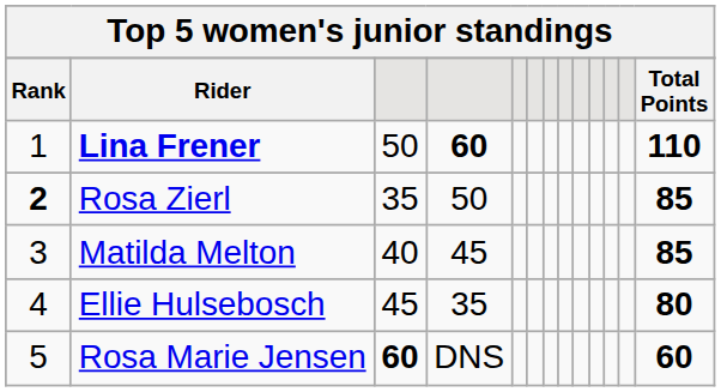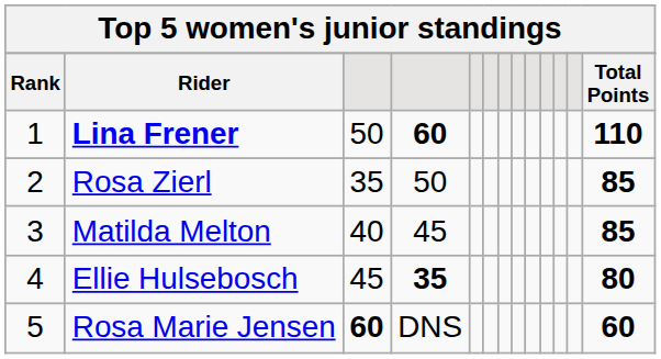 <table class="wikitable sortable">
 <tr>
 <th colspan=27 align="center"><strong>Top 5 women's junior standings</strong></th>
 </tr>
 <tr>
 </tr>
 <tr style="font-size:8pt;font-weight:bold">
 <th align="center">Rank</th>
 <th align="center">Rider</th>
 <th class=unsortable style="background:#E5E4E2;"><small></small></th>
 <th class=unsortable style="background:#E5E4E2;"><small></small></th>
 <th class=unsortable style="background:#E5E4E2;"><small></small></th>
 <th class=unsortable style="background:#E5E4E2;"><small></small></th>
 <th class=unsortable style="background:#E5E4E2;"><small></small></th>
 <th class=unsortable style="background:#E5E4E2;"><small></small></th>
 <th class=unsortable style="background:#E5E4E2;"><small></small></th>
 <th class=unsortable style="background:#E5E4E2;"><small></small></th>
 <th class=unsortable style="background:#E5E4E2;"><small></small></th>
 <th class=unsortable style="background:#E5E4E2;"><small></small></th>
 <th align="center">Total<br>Points</th>
 </tr>
 <tr>
 <td align=center>1</td>
 <td> <strong><a href='#'>Lina Frener</a></strong></td>
 <td align=center>50</td>
 <td align=center><strong>60</strong></td>
 <td align=center></td>
 <td align=center></td>
 <td align=center></td>
 <td align=center></td>
 <td align=center></td>
 <td align=center></td>
 <td align=center></td>
 <td align=center></td>
 <td align=center><strong>110</strong></td>
 </tr>
 <tr>
-<td align=center><strong>2</strong></td>
+<td align=center>2</td>
 <td> <a href='#'>Rosa Zierl</a></td>
 <td align=center>35</td>
 <td align=center>50</td>
 <td align=center></td>
 <td align=center></td>
 <td align=center></td>
 <td align=center></td>
 <td align=center></td>
 <td align=center></td>
 <td align=center></td>
 <td align=center></td>
 <td align=center><strong>85</strong></td>
 </tr>
 <tr>
 <td align=center>3</td>
 <td> <a href='#'>Matilda Melton</a></td>
 <td align=center>40</td>
 <td align=center>45</td>
 <td align=center></td>
 <td align=center></td>
 <td align=center></td>
 <td align=center></td>
 <td align=center></td>
 <td align=center></td>
 <td align=center></td>
 <td align=center></td>
 <td align=center><strong>85</strong></td>
 </tr>
 <tr>
 <td align=center>4</td>
 <td> <a href='#'>Ellie Hulsebosch</a></td>
 <td align=center>45</td>
-<td align=center>35</td>
+<td align=center><strong>35</strong></td>
 <td align=center></td>
 <td align=center></td>
 <td align=center></td>
 <td align=center></td>
 <td align=center></td>
 <td align=center></td>
 <td align=center></td>
 <td align=center></td>
 <td align=center><strong>80</strong></td>
 </tr>
 <tr>
 <td align=center>5</td>
 <td> <a href='#'>Rosa Marie Jensen</a></td>
 <td align=center><strong>60</strong></td>
 <td align=center>DNS</td>
 <td align=center></td>
 <td align=center></td>
 <td align=center></td>
 <td align=center></td>
 <td align=center></td>
 <td align=center></td>
 <td align=center></td>
 <td align=center></td>
 <td align=center><strong>60</strong></td>
 </tr>
 </table>
